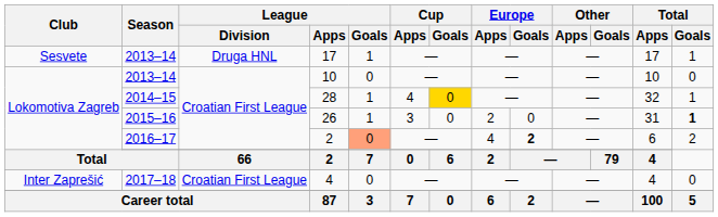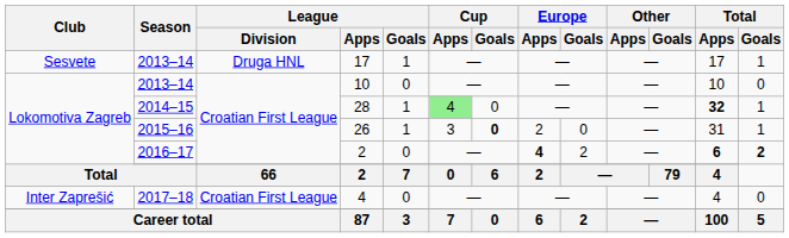 <table class="wikitable" style="text-align: center;">
 <tr>
 <th rowspan="2">Club</th>
 <th rowspan="2">Season</th>
 <th colspan="3">League</th>
 <th colspan="2">Cup</th>
 <th colspan="2"><a href='#'>Europe</a></th>
 <th colspan="2">Other</th>
 <th colspan="2">Total</th>
 </tr>
 <tr>
 <th>Division</th>
 <th>Apps</th>
 <th>Goals</th>
 <th>Apps</th>
 <th>Goals</th>
 <th>Apps</th>
 <th>Goals</th>
 <th>Apps</th>
 <th>Goals</th>
 <th>Apps</th>
 <th>Goals</th>
 </tr>
 <tr>
 <td rowspan="1" valign="center"><a href='#'>Sesvete</a></td>
 <td rowspan="1"><a href='#'>2013–14</a></td>
 <td rowspan="1"><a href='#'>Druga HNL</a></td>
 <td>17</td>
 <td>1</td>
 <td colspan="2">—</td>
 <td colspan="2">—</td>
 <td colspan="2">—</td>
 <td>17</td>
 <td>1</td>
 </tr>
 <tr>
 <td rowspan="5" valign="center"><a href='#'>Lokomotiva Zagreb</a></td>
 <td rowspan="1"><a href='#'>2013–14</a></td>
 <td rowspan="4"><a href='#'>Croatian First League</a></td>
 <td>10</td>
 <td>0</td>
 <td colspan="2">—</td>
 <td colspan="2">—</td>
 <td colspan="2">—</td>
 <td>10</td>
 <td>0</td>
 </tr>
 <tr>
 <td rowspan="1"><a href='#'>2014–15</a></td>
 <td>28</td>
 <td>1</td>
-<td>4</td>
-<td style="background: gold;">0</td>
+<td style="background: lightgreen;">4</td>
+<td>0</td>
 <td colspan="2">—</td>
 <td colspan="2">—</td>
-<td>32</td>
+<td><strong>32</strong></td>
 <td>1</td>
 </tr>
 <tr>
 <td rowspan="1"><a href='#'>2015–16</a></td>
 <td>26</td>
 <td>1</td>
 <td>3</td>
-<td>0</td>
+<td><strong>0</strong></td>
 <td>2</td>
 <td>0</td>
 <td colspan="2">—</td>
 <td>31</td>
-<td><strong>1</strong></td>
+<td>1</td>
 </tr>
 <tr>
 <td rowspan="1"><a href='#'>2016–17</a></td>
 <td>2</td>
-<td style="background: lightsalmon;">0</td>
+<td>0</td>
 <td colspan="2">—</td>
-<td>4</td>
+<td><strong>4</strong></td>
+<td>2</td>
+<td colspan="2">—</td>
+<td><strong>6</strong></td>
 <td><strong>2</strong></td>
-<td colspan="2">—</td>
-<td>6</td>
-<td>2</td>
 </tr>
 <tr>
 </tr>
 <tr>
 <th colspan="2" valign="center">Total</th>
 <th>66</th>
 <th>2</th>
 <th>7</th>
 <th>0</th>
 <th>6</th>
 <th>2</th>
 <th colspan="2">—</th>
 <th>79</th>
 <th>4</th>
 </tr>
 <tr>
 <td rowspan="1" valign="center"><a href='#'>Inter Zaprešić</a></td>
 <td rowspan="1"><a href='#'>2017–18</a></td>
 <td rowspan="1"><a href='#'>Croatian First League</a></td>
 <td>4</td>
 <td>0</td>
 <td colspan="2">—</td>
 <td colspan="2">—</td>
 <td colspan="2">—</td>
 <td>4</td>
 <td>0</td>
 </tr>
 <tr>
 </tr>
 <tr>
 <th colspan="3">Career total</th>
 <th>87</th>
 <th>3</th>
 <th>7</th>
 <th>0</th>
 <th>6</th>
 <th>2</th>
 <th colspan="2">—</th>
 <th>100</th>
 <th>5</th>
 </tr>
 </table>
